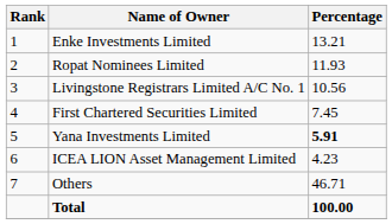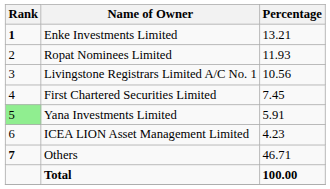 <table class="wikitable sortable" style="margin-left:auto;margin-right:auto">
 <tr>
 <th style="width:2em;">Rank</th>
 <th>Name of Owner</th>
 <th>Percentage</th>
 </tr>
 <tr>
-<td>1</td>
+<td><strong>1</strong></td>
 <td>Enke Investments Limited</td>
 <td>13.21</td>
 </tr>
 <tr>
 <td>2</td>
 <td>Ropat Nominees Limited</td>
 <td>11.93</td>
 </tr>
 <tr>
 <td>3</td>
 <td>Livingstone Registrars Limited A/C No. 1</td>
 <td>10.56</td>
 </tr>
 <tr>
 <td>4</td>
 <td>First Chartered Securities Limited</td>
 <td>7.45</td>
 </tr>
 <tr>
-<td>5</td>
+<td style="background: lightgreen;">5</td>
 <td>Yana Investments Limited</td>
-<td><strong>5.91</strong></td>
+<td>5.91</td>
 </tr>
 <tr>
 <td>6</td>
 <td>ICEA LION Asset Management Limited</td>
 <td>4.23</td>
 </tr>
 <tr>
-<td>7</td>
+<td><strong>7</strong></td>
 <td>Others</td>
 <td>46.71</td>
 </tr>
 <tr>
 <td></td>
 <td><strong>Total</strong></td>
 <td><strong>100.00</strong></td>
 </tr>
 <tr>
 </tr>
 </table>
